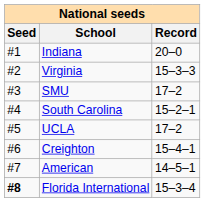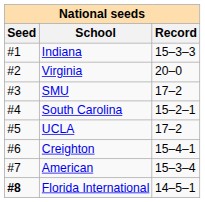 <table class="wikitable">
 <tr>
 <th colspan="5" style="background:#ffdead;">National seeds</th>
 </tr>
 <tr>
 <th>Seed</th>
 <th>School</th>
 <th>Record</th>
 </tr>
 <tr>
 <td>#1</td>
 <td><a href='#'>Indiana</a></td>
-<td>20–0</td>
+<td>15–3–3</td>
 </tr>
 <tr>
 <td>#2</td>
 <td><a href='#'>Virginia</a></td>
-<td>15–3–3</td>
+<td>20–0</td>
 </tr>
 <tr>
 <td>#3</td>
 <td><a href='#'>SMU</a></td>
 <td>17–2</td>
 </tr>
 <tr>
 <td>#4</td>
 <td><a href='#'>South Carolina</a></td>
 <td>15–2–1</td>
 </tr>
 <tr>
 <td>#5</td>
 <td><a href='#'>UCLA</a></td>
 <td>17–2</td>
 </tr>
 <tr>
 <td>#6</td>
 <td><a href='#'>Creighton</a></td>
 <td>15–4–1</td>
 </tr>
 <tr>
 <td>#7</td>
 <td><a href='#'>American</a></td>
-<td>14–5–1</td>
+<td>15–3–4</td>
 </tr>
 <tr>
 <td><strong>#8</strong></td>
 <td><a href='#'>Florida International</a></td>
-<td>15–3–4</td>
+<td>14–5–1</td>
 </tr>
 </table>
